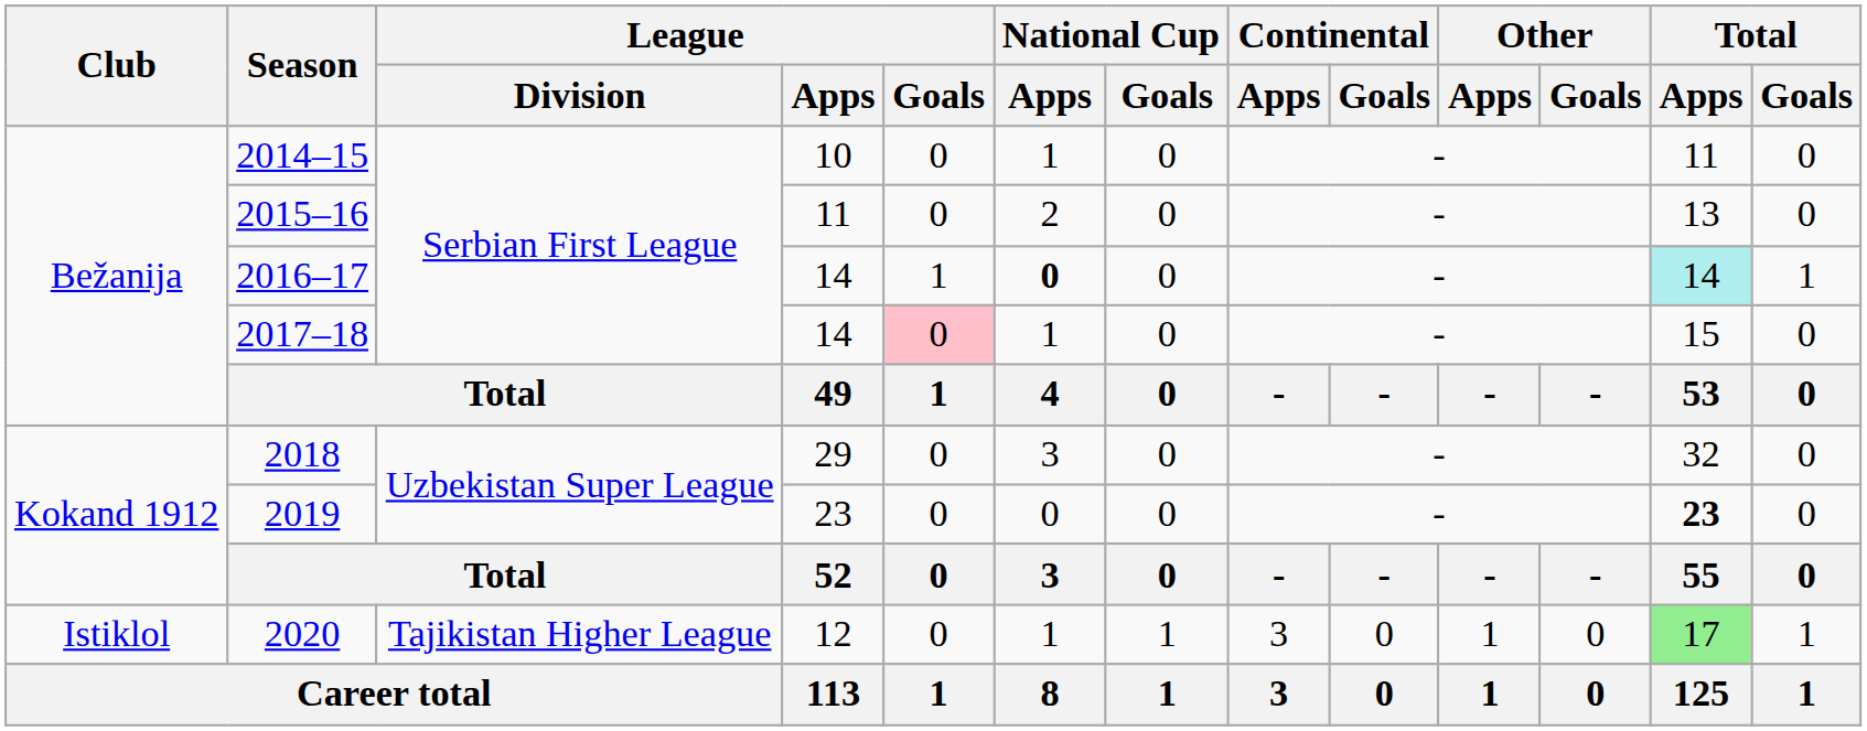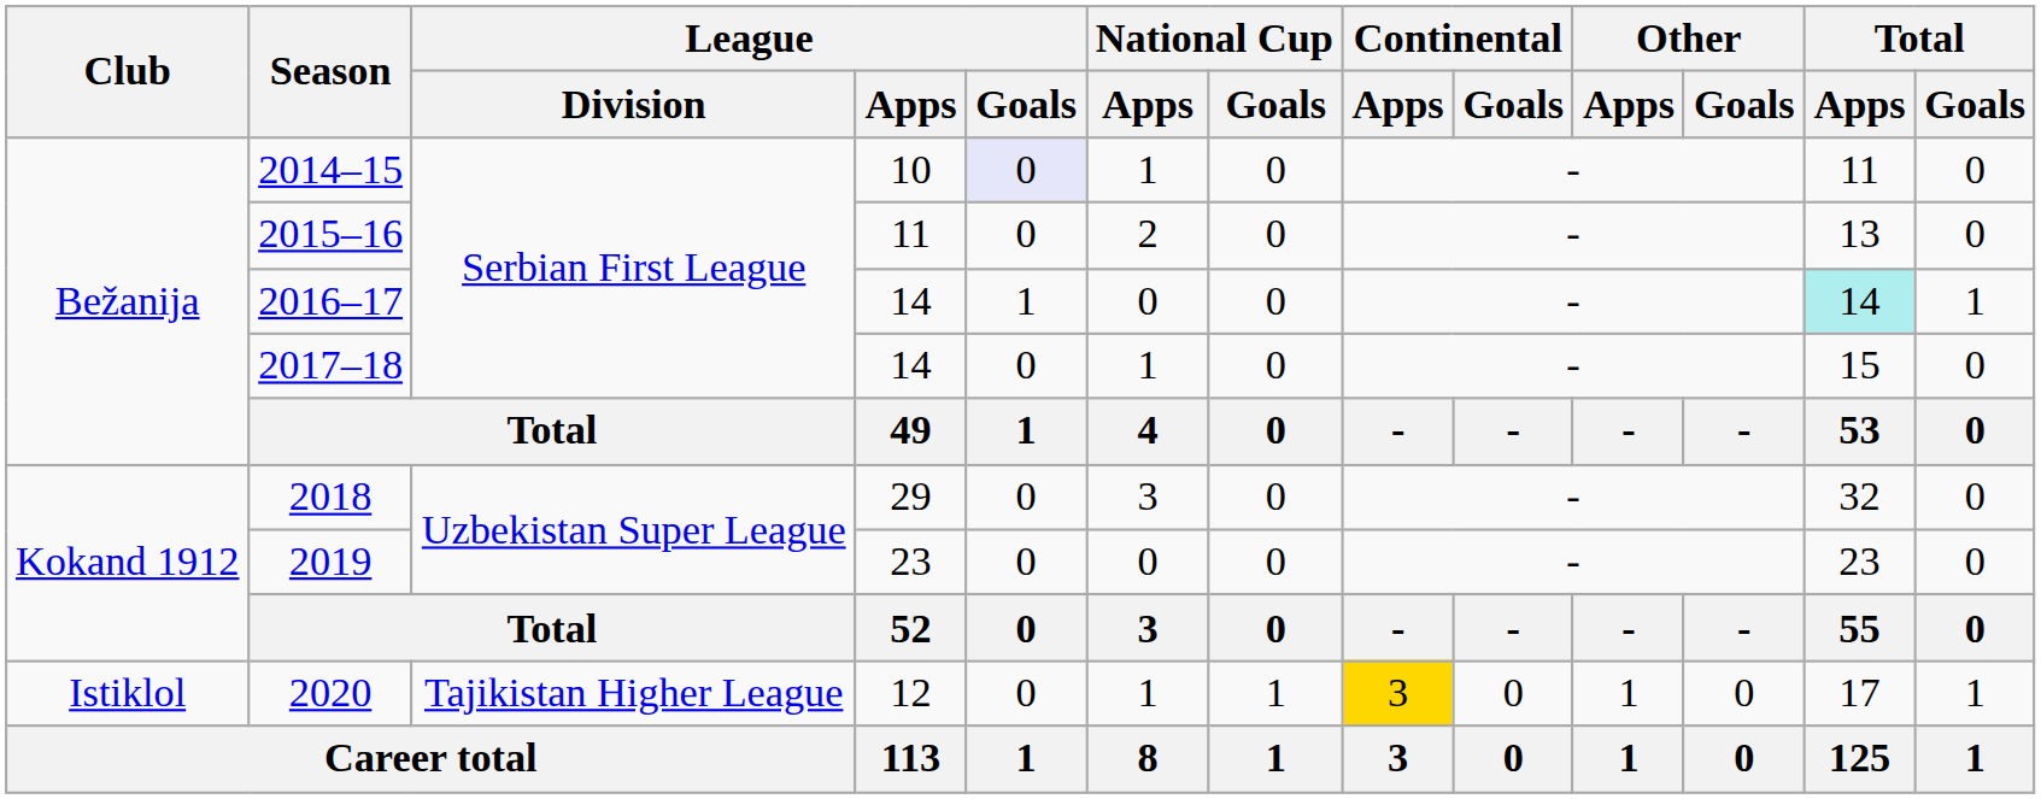 <table class="wikitable" style="text-align:center">
 <tr>
 <th rowspan="2">Club</th>
 <th rowspan="2">Season</th>
 <th colspan="3">League</th>
 <th colspan="2">National Cup</th>
 <th colspan="2">Continental</th>
 <th colspan="2">Other</th>
 <th colspan="2">Total</th>
 </tr>
 <tr>
 <th>Division</th>
 <th>Apps</th>
 <th>Goals</th>
 <th>Apps</th>
 <th>Goals</th>
 <th>Apps</th>
 <th>Goals</th>
 <th>Apps</th>
 <th>Goals</th>
 <th>Apps</th>
 <th>Goals</th>
 </tr>
 <tr>
 <td rowspan="5"><a href='#'>Bežanija</a></td>
 <td><a href='#'>2014–15</a></td>
 <td rowspan="4"><a href='#'>Serbian First League</a></td>
 <td>10</td>
-<td>0</td>
+<td style="background: lavender;">0</td>
 <td>1</td>
 <td>0</td>
 <td colspan="4">-</td>
 <td>11</td>
 <td>0</td>
 </tr>
 <tr>
 <td><a href='#'>2015–16</a></td>
 <td>11</td>
 <td>0</td>
 <td>2</td>
 <td>0</td>
 <td colspan="4">-</td>
 <td>13</td>
 <td>0</td>
 </tr>
 <tr>
 <td><a href='#'>2016–17</a></td>
 <td>14</td>
 <td>1</td>
-<td><strong>0</strong></td>
+<td>0</td>
 <td>0</td>
 <td colspan="4">-</td>
 <td style="background: paleturquoise;">14</td>
 <td>1</td>
 </tr>
 <tr>
 <td><a href='#'>2017–18</a></td>
 <td>14</td>
-<td style="background: pink;">0</td>
+<td>0</td>
 <td>1</td>
 <td>0</td>
 <td colspan="4">-</td>
 <td>15</td>
 <td>0</td>
 </tr>
 <tr>
 <th colspan="2">Total</th>
 <th>49</th>
 <th>1</th>
 <th>4</th>
 <th>0</th>
 <th>-</th>
 <th>-</th>
 <th>-</th>
 <th>-</th>
 <th>53</th>
 <th>0</th>
 </tr>
 <tr>
 <td rowspan="3"><a href='#'>Kokand 1912</a></td>
 <td><a href='#'>2018</a></td>
 <td rowspan="2"><a href='#'>Uzbekistan Super League</a></td>
 <td>29</td>
 <td>0</td>
 <td>3</td>
 <td>0</td>
 <td colspan="4">-</td>
 <td>32</td>
 <td>0</td>
 </tr>
 <tr>
 <td><a href='#'>2019</a></td>
 <td>23</td>
 <td>0</td>
 <td>0</td>
 <td>0</td>
 <td colspan="4">-</td>
-<td><strong>23</strong></td>
+<td>23</td>
 <td>0</td>
 </tr>
 <tr>
 <th colspan="2">Total</th>
 <th>52</th>
 <th>0</th>
 <th>3</th>
 <th>0</th>
 <th>-</th>
 <th>-</th>
 <th>-</th>
 <th>-</th>
 <th>55</th>
 <th>0</th>
 </tr>
 <tr>
 <td><a href='#'>Istiklol</a></td>
 <td><a href='#'>2020</a></td>
 <td><a href='#'>Tajikistan Higher League</a></td>
 <td>12</td>
 <td>0</td>
 <td>1</td>
 <td>1</td>
-<td>3</td>
+<td style="background: gold;">3</td>
 <td>0</td>
 <td>1</td>
 <td>0</td>
-<td style="background: lightgreen;">17</td>
+<td>17</td>
 <td>1</td>
 </tr>
 <tr>
 <th colspan="3">Career total</th>
 <th>113</th>
 <th>1</th>
 <th>8</th>
 <th>1</th>
 <th>3</th>
 <th>0</th>
 <th>1</th>
 <th>0</th>
 <th>125</th>
 <th>1</th>
 </tr>
 </table>
